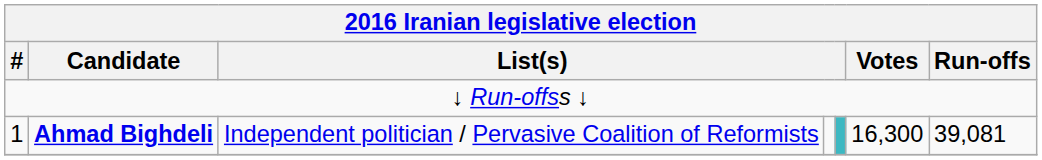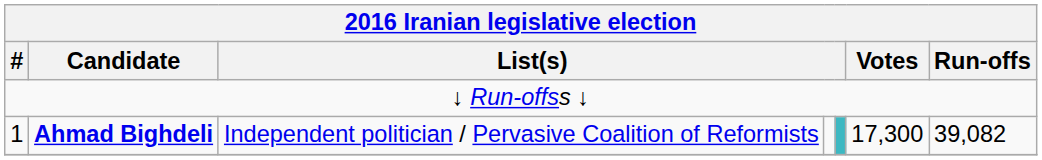 <table class=wikitable style=text-align:left>
 <tr>
 <th colspan="7" align=center><a href='#'>2016 Iranian legislative election</a></th>
 </tr>
 <tr>
 <th>#</th>
 <th>Candidate</th>
 <th colspan="3">List(s)</th>
 <th>Votes</th>
 <th>Run-offs</th>
 </tr>
 <tr>
 <td colspan="7" align=center>↓ <em><a href='#'>Run-offs</a>s</em> ↓</td>
 </tr>
 <tr>
 <td>1</td>
 <td><strong><a href='#'>Ahmad Bighdeli</a></strong></td>
 <td><a href='#'>Independent politician</a>   / <a href='#'>Pervasive Coalition of Reformists</a> </td>
 <td></td>
 <td style="background:#3cb8c2"></td>
-<td>16,300</td>
-<td>39,081</td>
+<td>17,300</td>
+<td>39,082</td>
 </tr>
 <tr>
 </tr>
 </table>
